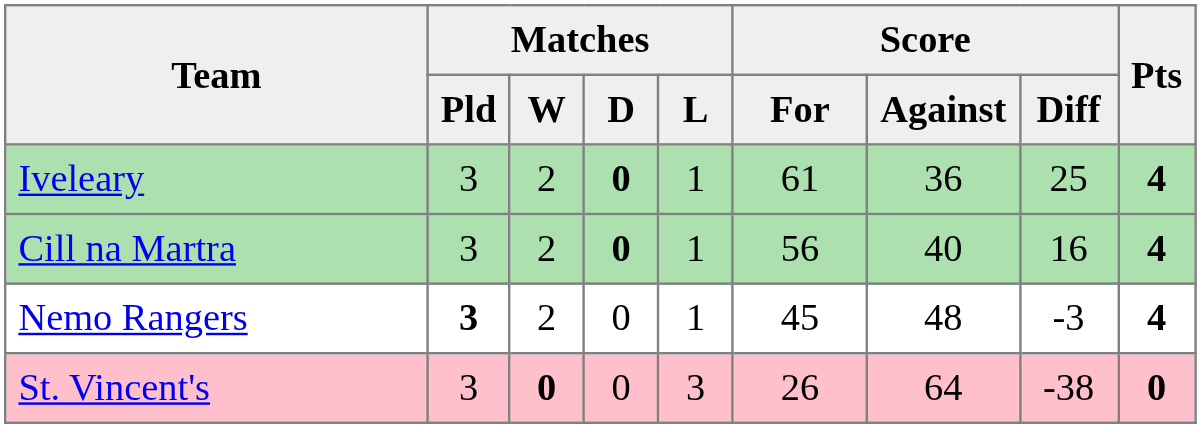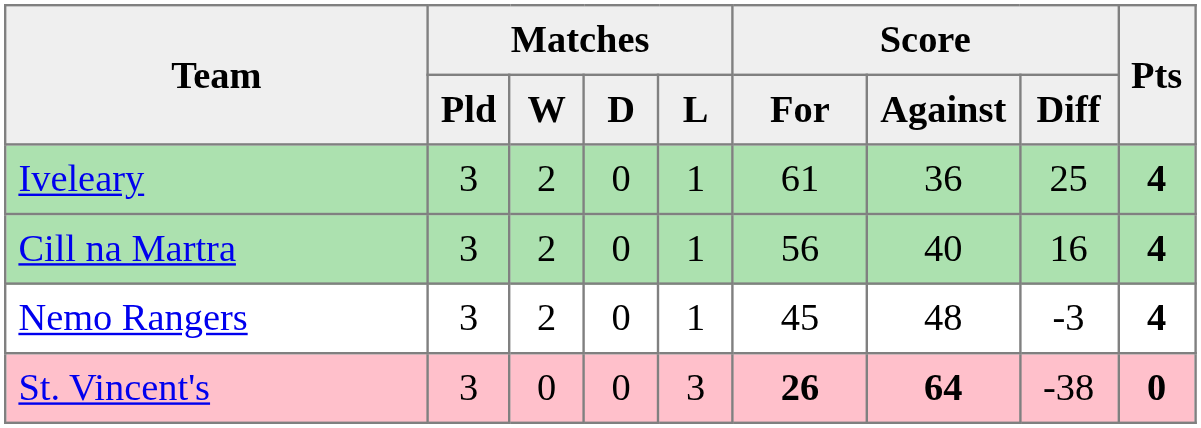 <table style=border-collapse:collapse border=1 cellspacing=0 cellpadding=5>
 <tr align=center bgcolor=#efefef>
 <th rowspan=2 width=165>Team</th>
 <th colspan=4>Matches</th>
 <th colspan=3>Score</th>
 <th rowspan=2width=20>Pts</th>
 </tr>
 <tr align=center bgcolor=#efefef>
 <th width=20>Pld</th>
 <th width=20>W</th>
 <th width=20>D</th>
 <th width=20>L</th>
 <th width=45>For</th>
 <th width=45>Against</th>
 <th width=30>Diff</th>
 </tr>
 <tr align=center style="background:#ACE1AF;">
 <td style="text-align:left;"><a href='#'>Iveleary</a></td>
 <td>3</td>
 <td>2</td>
-<td><strong>0</strong></td>
+<td>0</td>
 <td>1</td>
 <td>61</td>
 <td>36</td>
 <td>25</td>
 <td><strong>4</strong></td>
 </tr>
 <tr align=center style="background:#ACE1AF;">
 <td style="text-align:left;"><a href='#'>Cill na Martra</a></td>
 <td>3</td>
 <td>2</td>
-<td><strong>0</strong></td>
+<td>0</td>
 <td>1</td>
 <td>56</td>
 <td>40</td>
 <td>16</td>
 <td><strong>4</strong></td>
 </tr>
 <tr align=center>
 <td style="text-align:left;"><a href='#'>Nemo Rangers</a></td>
-<td><strong>3</strong></td>
+<td>3</td>
 <td>2</td>
 <td>0</td>
 <td>1</td>
 <td>45</td>
 <td>48</td>
 <td>-3</td>
 <td><strong>4</strong></td>
 </tr>
 <tr align=center style="background:#FFC0CB;">
 <td style="text-align:left;"><a href='#'>St. Vincent's</a></td>
 <td>3</td>
-<td><strong>0</strong></td>
+<td>0</td>
 <td>0</td>
 <td>3</td>
-<td>26</td>
-<td>64</td>
+<td><strong>26</strong></td>
+<td><strong>64</strong></td>
 <td>-38</td>
 <td><strong>0</strong></td>
 </tr>
 </table>
